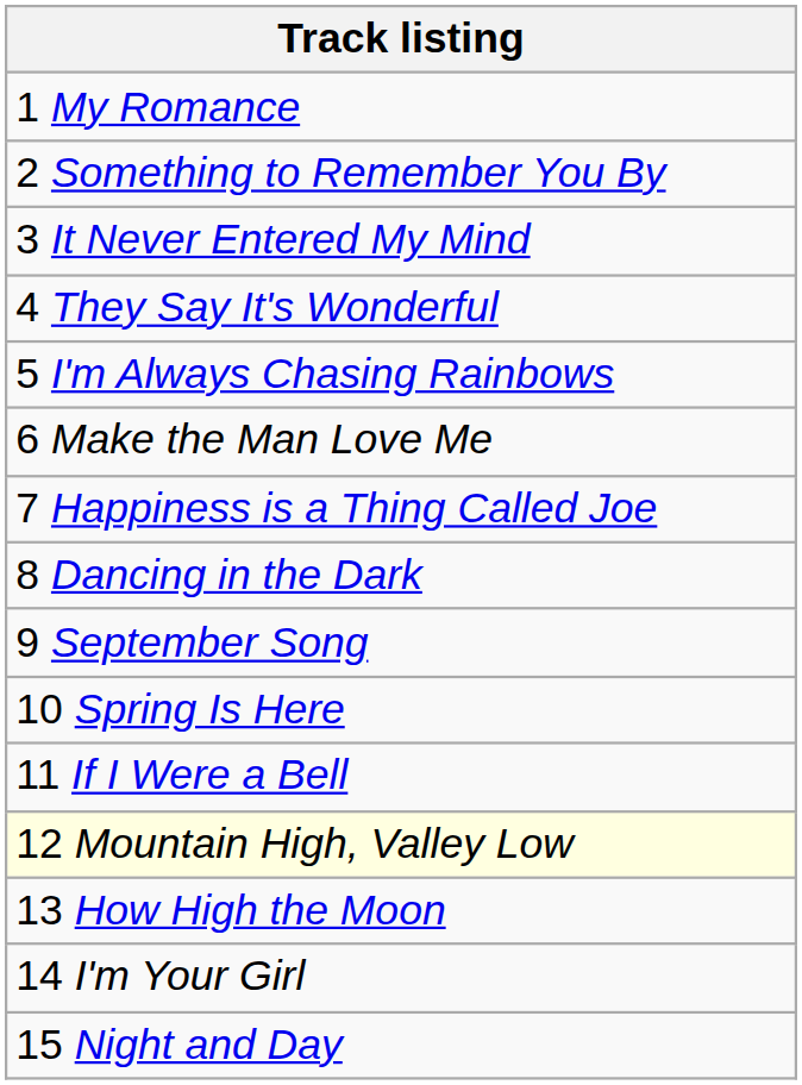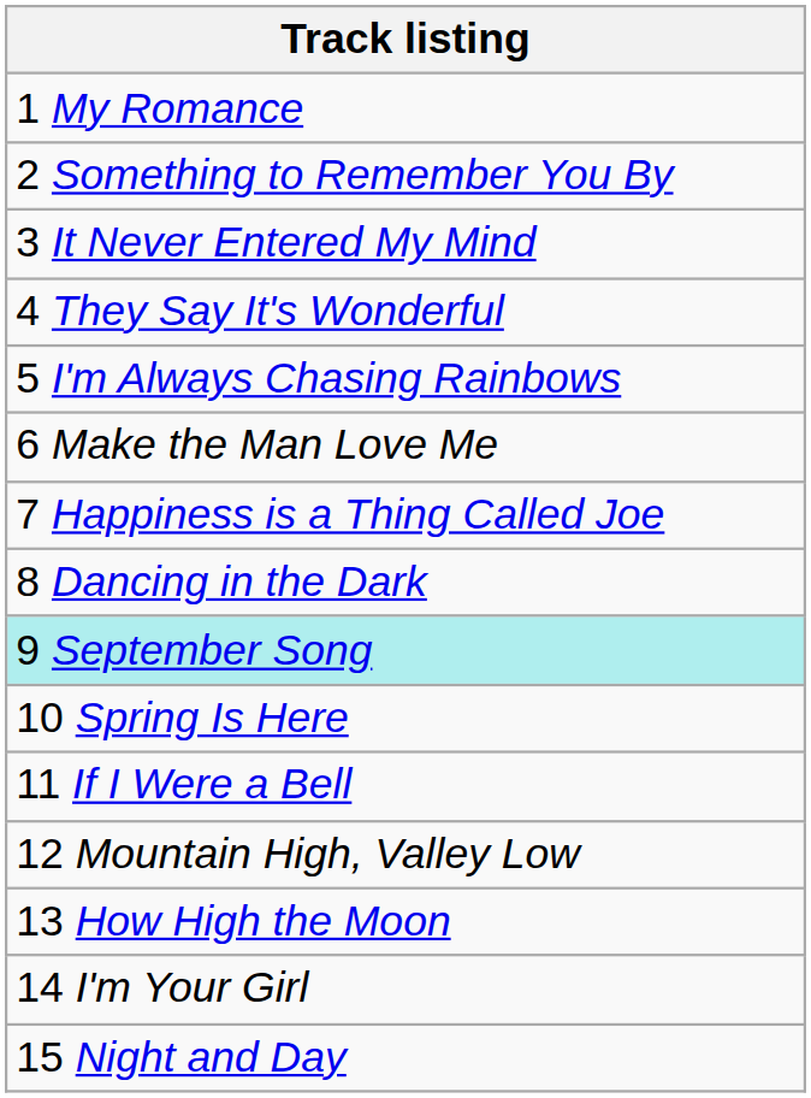 <table class="wikitable collapsible collapsed" style="width:300px;">
 <tr>
 <th>Track listing</th>
 </tr>
 <tr>
 <td>1 <em><a href='#'>My Romance</a></em></td>
 </tr>
 <tr>
 <td>2 <em><a href='#'>Something to Remember You By</a></em></td>
 </tr>
 <tr>
 <td>3 <em><a href='#'>It Never Entered My Mind</a></em></td>
 </tr>
 <tr>
 <td>4  <em><a href='#'>They Say It's Wonderful</a></em></td>
 </tr>
 <tr>
 <td>5  <em><a href='#'>I'm Always Chasing Rainbows</a></em></td>
 </tr>
 <tr>
 <td>6  <em>Make the Man Love Me</em></td>
 </tr>
 <tr>
 <td>7  <em><a href='#'>Happiness is a Thing Called Joe</a></em></td>
 </tr>
 <tr>
 <td>8  <em><a href='#'>Dancing in the Dark</a></em></td>
 </tr>
 <tr>
-<td>9  <em><a href='#'>September Song</a></em></td>
+<td style="background: paleturquoise;">9  <em><a href='#'>September Song</a></em></td>
 </tr>
 <tr>
 <td>10 <em><a href='#'>Spring Is Here</a></em></td>
 </tr>
 <tr>
 <td>11 <em><a href='#'>If I Were a Bell</a></em></td>
 </tr>
 <tr>
-<td style="background: lightyellow;">12 <em>Mountain High, Valley Low</em></td>
+<td>12 <em>Mountain High, Valley Low</em></td>
 </tr>
 <tr>
 <td>13 <em><a href='#'>How High the Moon</a></em></td>
 </tr>
 <tr>
 <td>14 <em>I'm Your Girl</em></td>
 </tr>
 <tr>
 <td>15 <em><a href='#'>Night and Day</a></em></td>
 </tr>
 </table>
